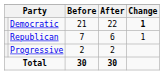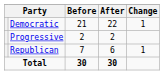 <table class="wikitable" style="text-align:center;">
 <tr>
 </tr>
 <tr>
 <th colspan=2>Party</th>
 <th>Before</th>
 <th>After</th>
 <th>Change</th>
 </tr>
 <tr>
 <th style="background-color:"></th>
 <td style="text-align:left;"><a href='#'>Democratic</a></td>
 <td>21</td>
 <td>22</td>
-<td><strong> 1</strong></td>
-</tr>
-<tr>
-<th style="background-color:"></th>
-<td style="text-align:left;"><a href='#'>Republican</a></td>
-<td>7</td>
-<td>6</td>
 <td> 1</td>
 </tr>
 <tr>
 <th style="background-color:"></th>
 <td style="text-align:left;"><a href='#'>Progressive</a></td>
 <td>2</td>
 <td>2</td>
 <td></td>
 </tr>
 <tr>
+<th style="background-color:"></th>
+<td style="text-align:left;"><a href='#'>Republican</a></td>
+<td>7</td>
+<td>6</td>
+<td> 1</td>
+</tr>
+<tr>
 <td colspan=2><strong>Total</strong></td>
 <td><strong>30</strong></td>
 <td><strong>30</strong></td>
 <td></td>
 </tr>
 </table>
